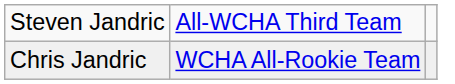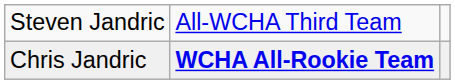 <table class="wikitable">
 <tr>
 <td>Steven Jandric</td>
 <td><a href='#'>All-WCHA Third Team</a></td>
 <td></td>
 </tr>
 <tr bgcolor=f0f0f0>
 <td>Chris Jandric</td>
-<td><a href='#'>WCHA All-Rookie Team</a></td>
+<td><strong><a href='#'>WCHA All-Rookie Team</a></strong></td>
 <td></td>
 </tr>
 </table>
